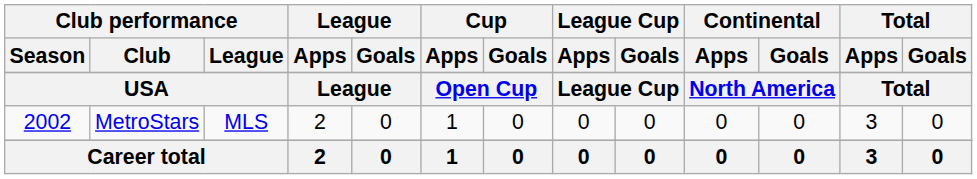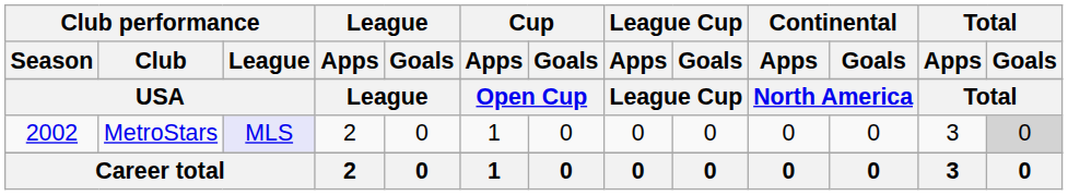 <table class="wikitable" style="text-align:center">
 <tr>
 <th colspan=3>Club performance</th>
 <th colspan=2>League</th>
 <th colspan=2>Cup</th>
 <th colspan=2>League Cup</th>
 <th colspan=2>Continental</th>
 <th colspan=2>Total</th>
 </tr>
 <tr>
 <th>Season</th>
 <th>Club</th>
 <th>League</th>
 <th>Apps</th>
 <th>Goals</th>
 <th>Apps</th>
 <th>Goals</th>
 <th>Apps</th>
 <th>Goals</th>
 <th>Apps</th>
 <th>Goals</th>
 <th>Apps</th>
 <th>Goals</th>
 </tr>
 <tr>
 </tr>
 <tr>
 <th colspan=3>USA</th>
 <th colspan=2>League</th>
 <th colspan=2><a href='#'>Open Cup</a></th>
 <th colspan=2>League Cup</th>
 <th colspan=2><a href='#'>North America</a></th>
 <th colspan=2>Total</th>
 </tr>
 <tr>
 <td><a href='#'>2002</a></td>
 <td><a href='#'>MetroStars</a></td>
-<td><a href='#'>MLS</a></td>
+<td style="background: lavender;"><a href='#'>MLS</a></td>
 <td>2</td>
 <td>0</td>
 <td>1</td>
 <td>0</td>
 <td>0</td>
 <td>0</td>
 <td>0</td>
 <td>0</td>
 <td>3</td>
-<td>0</td>
+<td style="background: lightgrey;">0</td>
 </tr>
 <tr>
 </tr>
 <tr>
 <th colspan=3>Career total</th>
 <th>2</th>
 <th>0</th>
 <th>1</th>
 <th>0</th>
 <th>0</th>
 <th>0</th>
 <th>0</th>
 <th>0</th>
 <th>3</th>
 <th>0</th>
 </tr>
 </table>
